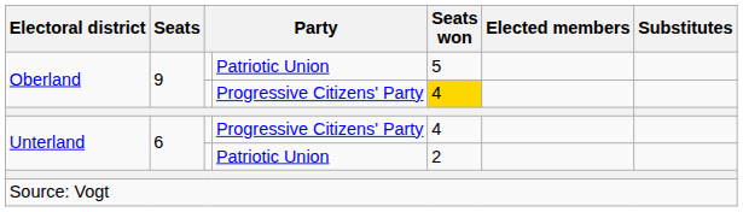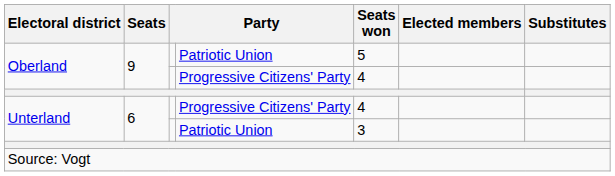 <table class="wikitable">
 <tr>
 <th scope="col">Electoral district</th>
 <th scope="col">Seats</th>
 <th scope="col" colspan="2">Party</th>
 <th scope="col">Seats<br>won</th>
 <th scope="col">Elected members</th>
 <th scope="col">Substitutes</th>
 </tr>
 <tr>
 <td rowspan="2"><a href='#'>Oberland</a></td>
 <td rowspan="2">9</td>
 <td></td>
 <td><a href='#'>Patriotic Union</a></td>
 <td>5</td>
 <td></td>
 <td></td>
 </tr>
 <tr>
 <td></td>
 <td><a href='#'>Progressive Citizens' Party</a></td>
-<td style="background: gold;">4</td>
+<td>4</td>
 <td></td>
 <td></td>
 </tr>
 <tr>
 <th colspan="6"></th>
 <th></th>
 </tr>
 <tr>
 <td rowspan="2"><a href='#'>Unterland</a></td>
 <td rowspan="2">6</td>
 <td></td>
 <td><a href='#'>Progressive Citizens' Party</a></td>
 <td>4</td>
 <td></td>
 <td></td>
 </tr>
 <tr>
 <td></td>
 <td><a href='#'>Patriotic Union</a></td>
-<td>2</td>
+<td>3</td>
 <td></td>
 <td></td>
 </tr>
 <tr>
 <th colspan="7"></th>
 </tr>
 <tr>
 <td colspan="7">Source: Vogt</td>
 </tr>
 </table>
